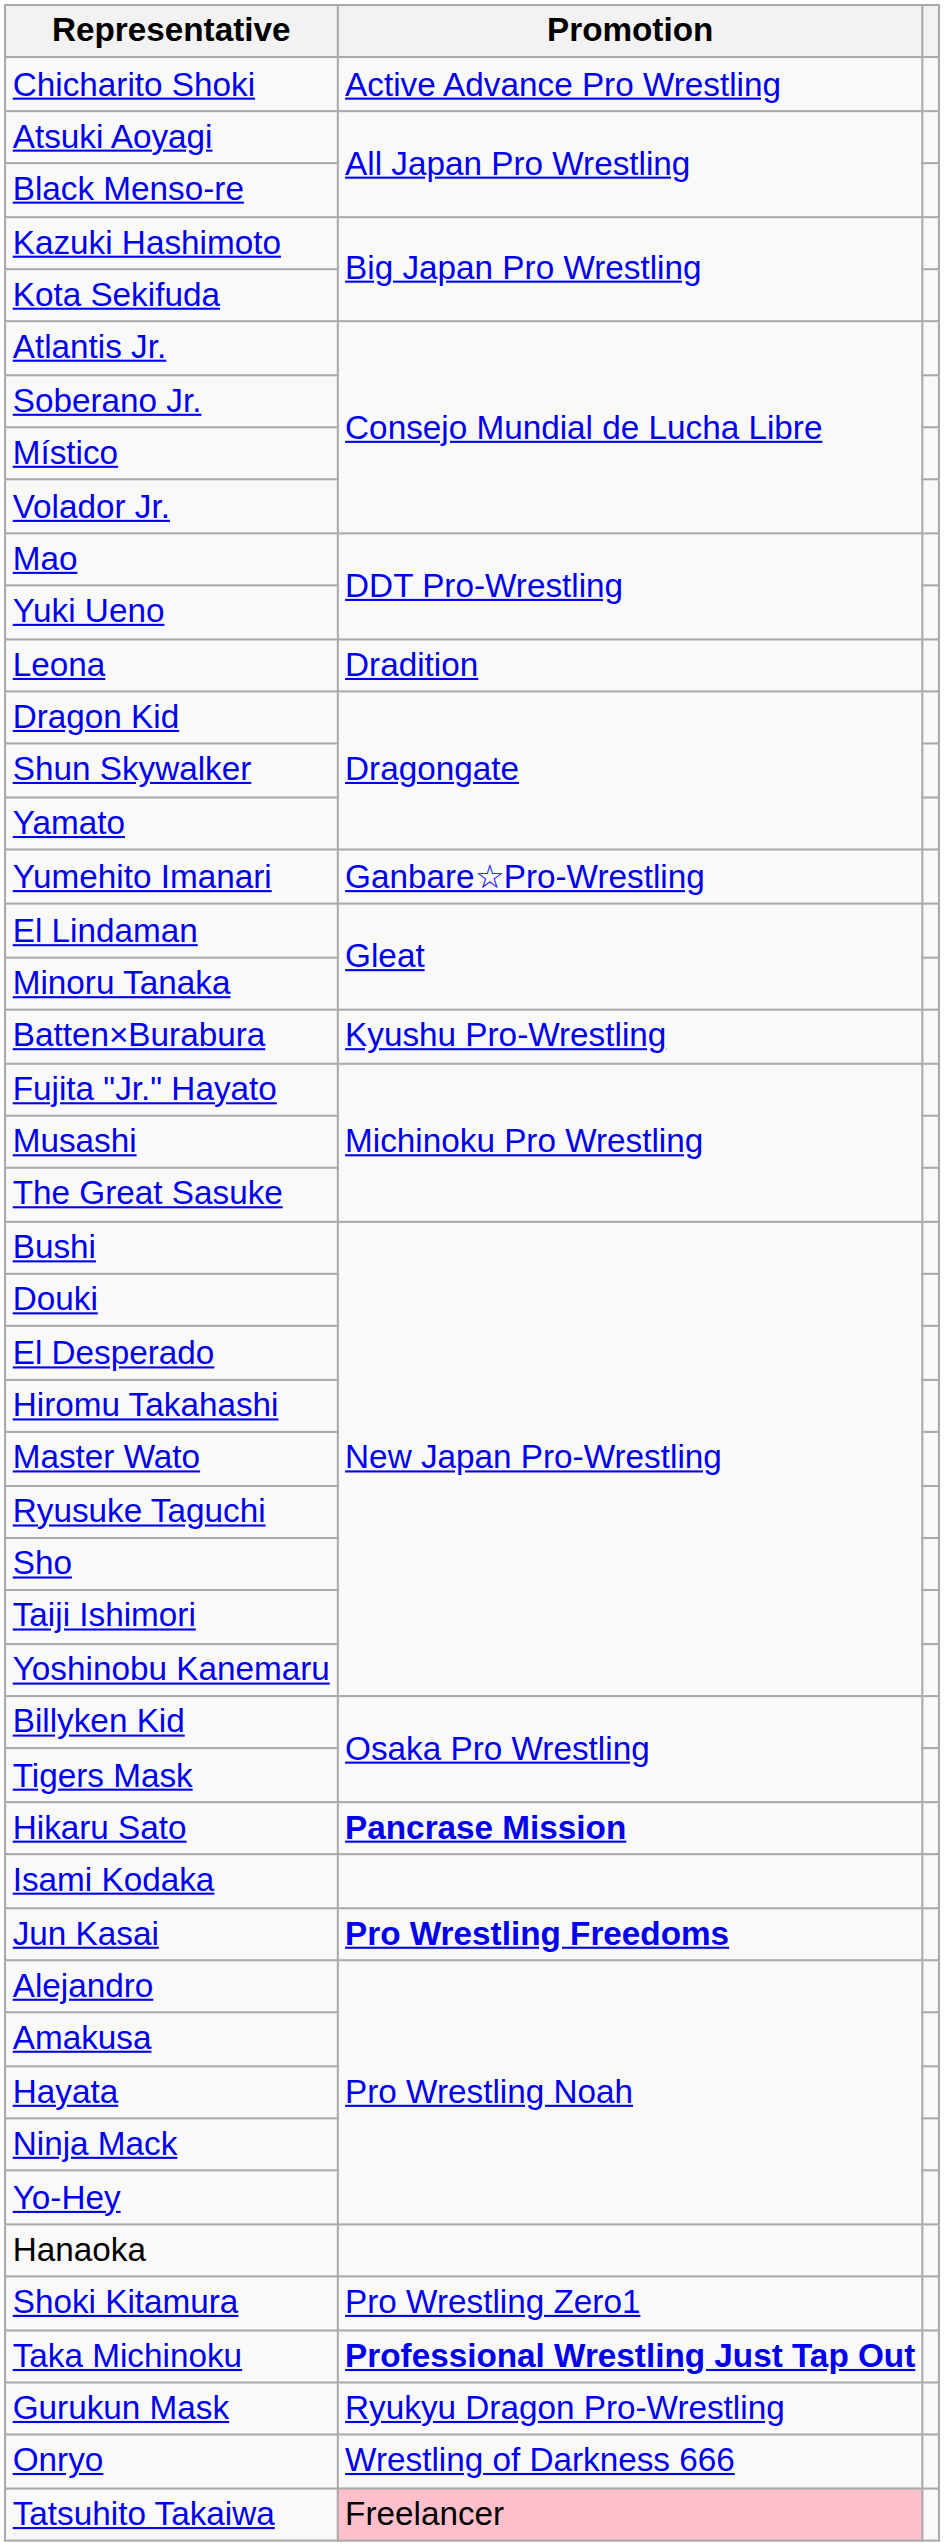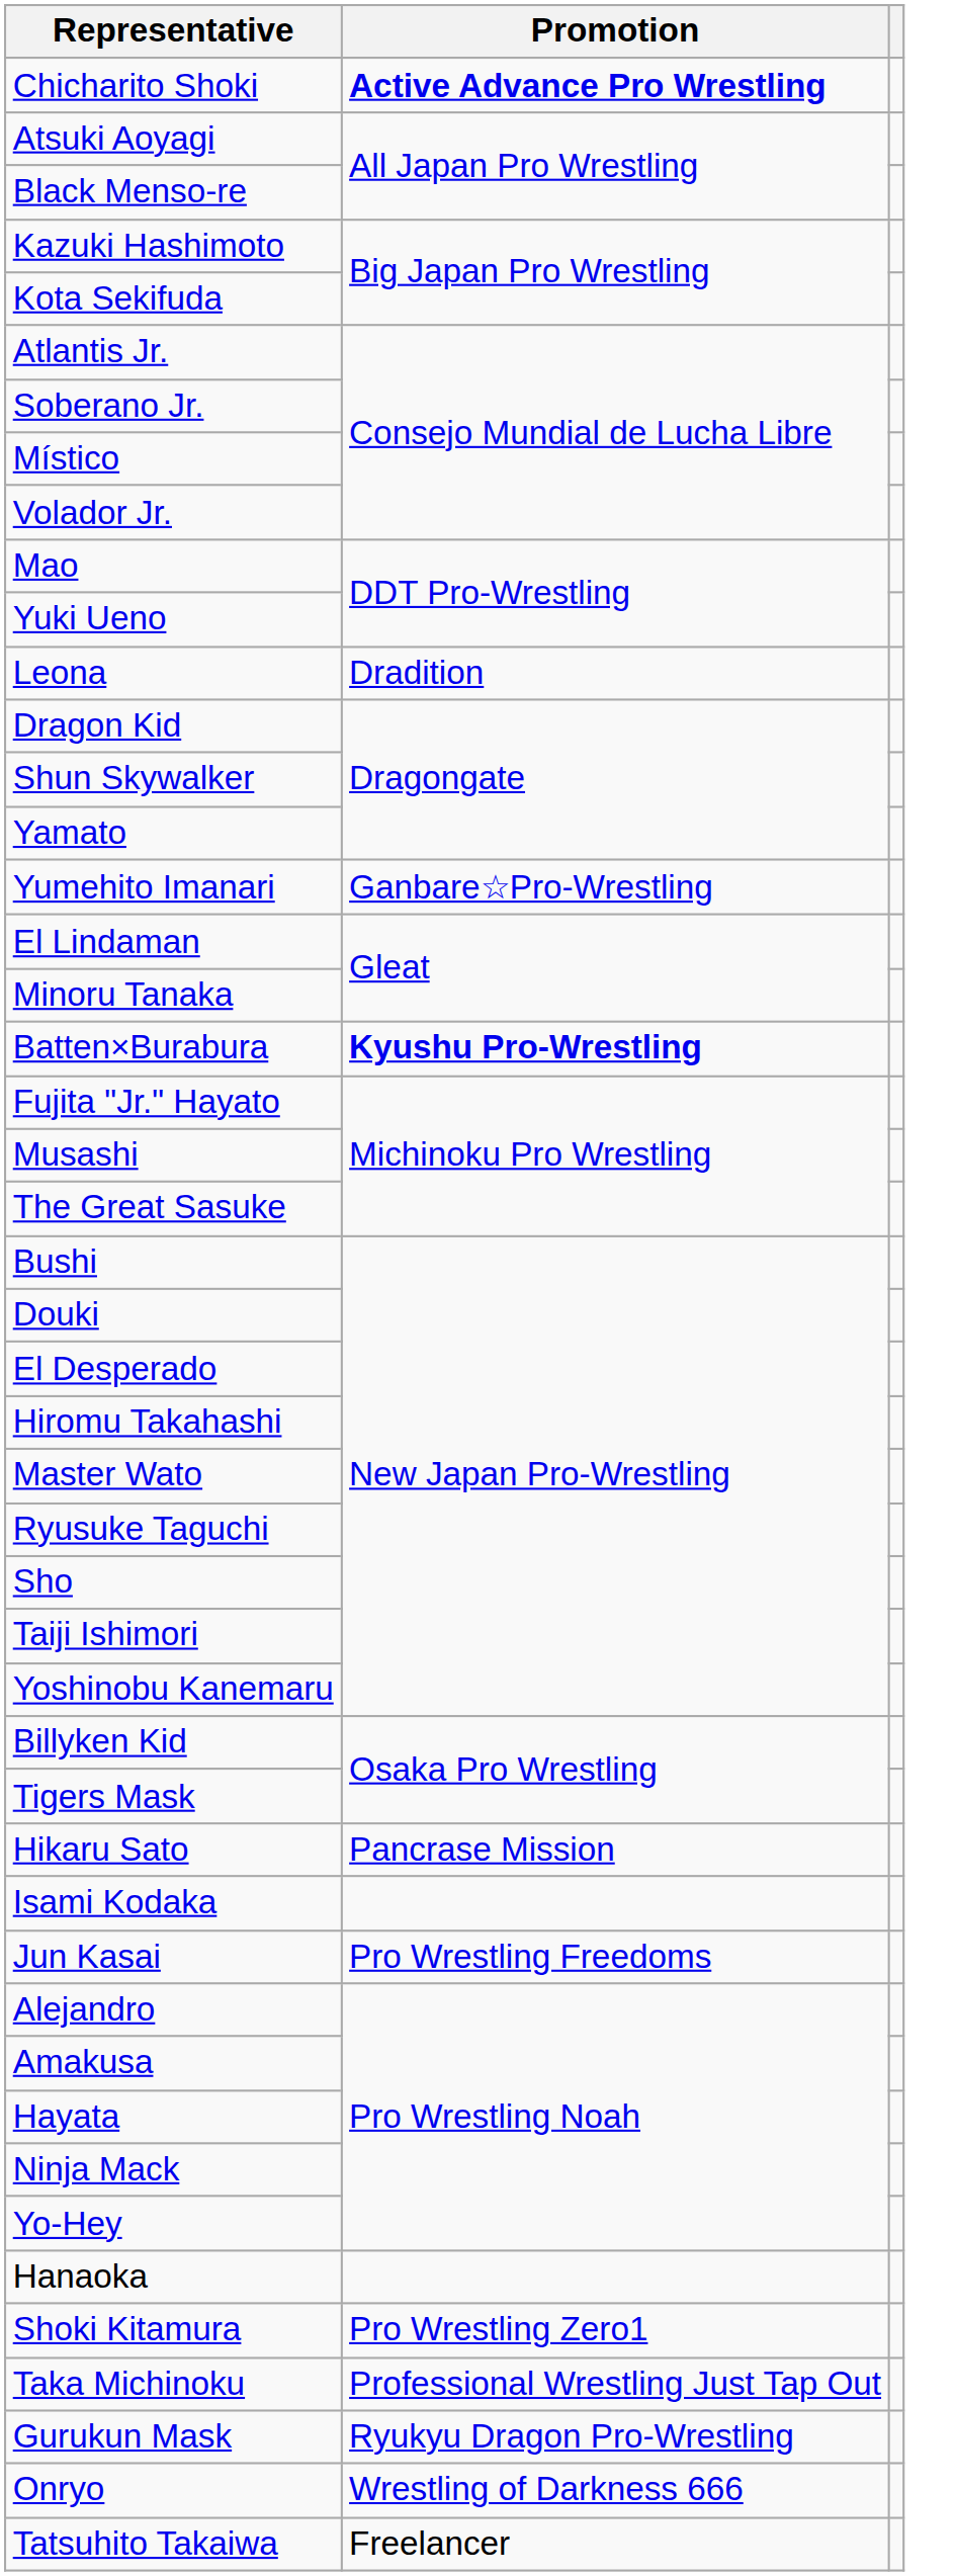 <table class="wikitable sortable">
 <tr>
 <th>Representative</th>
 <th>Promotion</th>
 <th class="unsortable"></th>
 </tr>
 <tr>
 <td><a href='#'>Chicharito Shoki</a></td>
-<td><a href='#'>Active Advance Pro Wrestling</a></td>
+<td><strong><a href='#'>Active Advance Pro Wrestling</a></strong></td>
 <td></td>
 </tr>
 <tr>
 <td><a href='#'>Atsuki Aoyagi</a></td>
 <td rowspan="2"><a href='#'>All Japan Pro Wrestling</a></td>
 <td></td>
 </tr>
 <tr>
 <td><a href='#'>Black Menso-re</a></td>
 <td></td>
 </tr>
 <tr>
 <td><a href='#'>Kazuki Hashimoto</a></td>
 <td rowspan="2"><a href='#'>Big Japan Pro Wrestling</a></td>
 <td></td>
 </tr>
 <tr>
 <td><a href='#'>Kota Sekifuda</a></td>
 <td></td>
 </tr>
 <tr>
 <td><a href='#'>Atlantis Jr.</a></td>
 <td rowspan="4"><a href='#'>Consejo Mundial de Lucha Libre</a></td>
 <td></td>
 </tr>
 <tr>
 <td><a href='#'>Soberano Jr.</a></td>
 <td></td>
 </tr>
 <tr>
 <td><a href='#'>Místico</a></td>
 <td></td>
 </tr>
 <tr>
 <td><a href='#'>Volador Jr.</a></td>
 <td></td>
 </tr>
 <tr>
 <td><a href='#'>Mao</a></td>
 <td rowspan="2"><a href='#'>DDT Pro-Wrestling</a></td>
 <td></td>
 </tr>
 <tr>
 <td><a href='#'>Yuki Ueno</a></td>
 <td></td>
 </tr>
 <tr>
 <td><a href='#'>Leona</a></td>
 <td><a href='#'>Dradition</a></td>
 <td></td>
 </tr>
 <tr>
 <td><a href='#'>Dragon Kid</a></td>
 <td rowspan="3"><a href='#'>Dragongate</a></td>
 <td></td>
 </tr>
 <tr>
 <td><a href='#'>Shun Skywalker</a></td>
 <td></td>
 </tr>
 <tr>
 <td><a href='#'>Yamato</a></td>
 <td></td>
 </tr>
 <tr>
 <td><a href='#'>Yumehito Imanari</a></td>
 <td><a href='#'>Ganbare☆Pro-Wrestling</a></td>
 <td></td>
 </tr>
 <tr>
 <td><a href='#'>El Lindaman</a></td>
 <td rowspan="2"><a href='#'>Gleat</a></td>
 <td></td>
 </tr>
 <tr>
 <td><a href='#'>Minoru Tanaka</a></td>
 <td></td>
 </tr>
 <tr>
 <td><a href='#'>Batten×Burabura</a></td>
-<td><a href='#'>Kyushu Pro-Wrestling</a></td>
+<td><strong><a href='#'>Kyushu Pro-Wrestling</a></strong></td>
 <td></td>
 </tr>
 <tr>
 <td><a href='#'>Fujita "Jr." Hayato</a></td>
 <td rowspan="3"><a href='#'>Michinoku Pro Wrestling</a></td>
 <td></td>
 </tr>
 <tr>
 <td><a href='#'>Musashi</a></td>
 <td></td>
 </tr>
 <tr>
 <td><a href='#'>The Great Sasuke</a></td>
 <td></td>
 </tr>
 <tr>
 <td><a href='#'>Bushi</a></td>
 <td rowspan="9"><a href='#'>New Japan Pro-Wrestling</a></td>
 <td></td>
 </tr>
 <tr>
 <td><a href='#'>Douki</a></td>
 <td></td>
 </tr>
 <tr>
 <td><a href='#'>El Desperado</a></td>
 <td></td>
 </tr>
 <tr>
 <td><a href='#'>Hiromu Takahashi</a></td>
 <td></td>
 </tr>
 <tr>
 <td><a href='#'>Master Wato</a></td>
 <td></td>
 </tr>
 <tr>
 <td><a href='#'>Ryusuke Taguchi</a></td>
 <td></td>
 </tr>
 <tr>
 <td><a href='#'>Sho</a></td>
 <td></td>
 </tr>
 <tr>
 <td><a href='#'>Taiji Ishimori</a></td>
 <td></td>
 </tr>
 <tr>
 <td><a href='#'>Yoshinobu Kanemaru</a></td>
 <td></td>
 </tr>
 <tr>
 <td><a href='#'>Billyken Kid</a></td>
 <td rowspan="2"><a href='#'>Osaka Pro Wrestling</a></td>
 <td></td>
 </tr>
 <tr>
 <td><a href='#'>Tigers Mask</a></td>
 <td></td>
 </tr>
 <tr>
 <td><a href='#'>Hikaru Sato</a></td>
-<td><strong><a href='#'>Pancrase Mission</a></strong></td>
+<td><a href='#'>Pancrase Mission</a></td>
 <td></td>
 </tr>
 <tr>
 <td><a href='#'>Isami Kodaka</a></td>
 <td></td>
 <td></td>
 </tr>
 <tr>
 <td><a href='#'>Jun Kasai</a></td>
-<td><strong><a href='#'>Pro Wrestling Freedoms</a></strong></td>
+<td><a href='#'>Pro Wrestling Freedoms</a></td>
 <td></td>
 </tr>
 <tr>
 <td><a href='#'>Alejandro</a></td>
 <td rowspan="5"><a href='#'>Pro Wrestling Noah</a></td>
 <td></td>
 </tr>
 <tr>
 <td><a href='#'>Amakusa</a></td>
 <td></td>
 </tr>
 <tr>
 <td><a href='#'>Hayata</a></td>
 <td></td>
 </tr>
 <tr>
 <td><a href='#'>Ninja Mack</a></td>
 <td></td>
 </tr>
 <tr>
 <td><a href='#'>Yo-Hey</a></td>
 <td></td>
 </tr>
 <tr>
 <td>Hanaoka</td>
 <td></td>
 <td></td>
 </tr>
 <tr>
 <td><a href='#'>Shoki Kitamura</a></td>
 <td><a href='#'>Pro Wrestling Zero1</a></td>
 <td></td>
 </tr>
 <tr>
 <td><a href='#'>Taka Michinoku</a></td>
-<td><strong><a href='#'>Professional Wrestling Just Tap Out</a></strong></td>
+<td><a href='#'>Professional Wrestling Just Tap Out</a></td>
 <td></td>
 </tr>
 <tr>
 <td><a href='#'>Gurukun Mask</a></td>
 <td><a href='#'>Ryukyu Dragon Pro-Wrestling</a></td>
 <td></td>
 </tr>
 <tr>
 <td><a href='#'>Onryo</a></td>
 <td><a href='#'>Wrestling of Darkness 666</a></td>
 <td></td>
 </tr>
 <tr>
 <td><a href='#'>Tatsuhito Takaiwa</a></td>
-<td style="background: pink;">Freelancer</td>
+<td>Freelancer</td>
 <td></td>
 </tr>
 </table>
